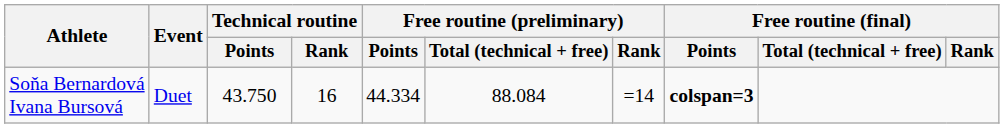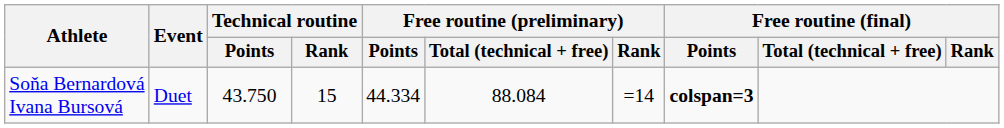 <table class="wikitable" style="font-size:90%">
 <tr>
 <th rowspan="2">Athlete</th>
 <th rowspan="2">Event</th>
 <th colspan=2>Technical routine</th>
 <th colspan=3>Free routine (preliminary)</th>
 <th colspan=3>Free routine (final)</th>
 </tr>
 <tr style="font-size:95%">
 <th>Points</th>
 <th>Rank</th>
 <th>Points</th>
 <th>Total (technical + free)</th>
 <th>Rank</th>
 <th>Points</th>
 <th>Total (technical + free)</th>
 <th>Rank</th>
 </tr>
 <tr align=center>
 <td align=left><a href='#'>Soňa Bernardová</a><br><a href='#'>Ivana Bursová</a></td>
 <td align=left><a href='#'>Duet</a></td>
 <td>43.750</td>
-<td>16</td>
+<td>15</td>
 <td>44.334</td>
 <td>88.084</td>
 <td>=14</td>
 <td><strong>colspan=3 </strong></td>
 </tr>
 </table>
